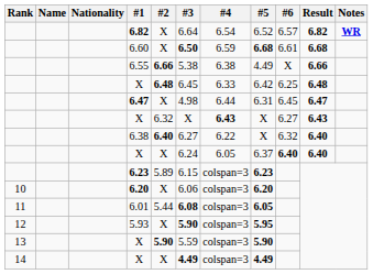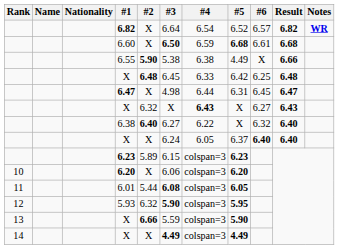 <table class="wikitable sortable" style="text-align:center">
 <tr>
 <th>Rank</th>
 <th>Name</th>
 <th>Nationality</th>
 <th>#1</th>
 <th>#2</th>
 <th>#3</th>
 <th>#4</th>
 <th>#5</th>
 <th>#6</th>
 <th>Result</th>
 <th class="unsortable">Notes</th>
 </tr>
 <tr>
 <td></td>
 <td align=left></td>
 <td align=left></td>
 <td><strong>6.82</strong></td>
 <td>X</td>
 <td>6.64</td>
 <td>6.54</td>
 <td>6.52</td>
 <td>6.57</td>
 <td><strong>6.82</strong></td>
 <td><strong><a href='#'>WR</a></strong></td>
 </tr>
 <tr>
 <td></td>
 <td align=left></td>
 <td align=left></td>
 <td>6.60</td>
 <td>X</td>
 <td><strong>6.50</strong></td>
 <td>6.59</td>
 <td><strong>6.68</strong></td>
 <td>6.61</td>
 <td><strong>6.68</strong></td>
 <td></td>
 </tr>
 <tr>
 <td></td>
 <td align=left></td>
 <td align=left></td>
 <td>6.55</td>
-<td><strong>6.66</strong></td>
+<td><strong>5.90</strong></td>
 <td>5.38</td>
 <td>6.38</td>
 <td>4.49</td>
 <td>X</td>
 <td><strong>6.66</strong></td>
 <td></td>
 </tr>
 <tr>
 <td></td>
 <td align=left></td>
 <td align=left></td>
 <td>X</td>
 <td><strong>6.48</strong></td>
 <td>6.45</td>
 <td>6.33</td>
 <td>6.42</td>
 <td>6.25</td>
 <td><strong>6.48</strong></td>
 <td></td>
 </tr>
 <tr>
 <td></td>
 <td align=left></td>
 <td align=left></td>
 <td><strong>6.47</strong></td>
 <td>X</td>
 <td>4.98</td>
 <td>6.44</td>
 <td>6.31</td>
 <td>6.45</td>
 <td><strong>6.47</strong></td>
 <td></td>
 </tr>
 <tr>
 <td></td>
 <td align=left></td>
 <td align=left></td>
 <td>X</td>
 <td>6.32</td>
 <td>X</td>
 <td><strong>6.43</strong></td>
 <td>X</td>
 <td>6.27</td>
 <td><strong>6.43</strong></td>
 <td></td>
 </tr>
 <tr>
 <td></td>
 <td align=left></td>
 <td align=left></td>
 <td>6.38</td>
 <td><strong>6.40</strong></td>
 <td>6.27</td>
 <td>6.22</td>
 <td>X</td>
 <td>6.32</td>
 <td><strong>6.40</strong></td>
 <td></td>
 </tr>
 <tr>
 <td></td>
 <td align=left></td>
 <td align=left></td>
 <td>X</td>
 <td>X</td>
 <td>6.24</td>
 <td>6.05</td>
 <td>6.37</td>
 <td><strong>6.40</strong></td>
 <td><strong>6.40</strong></td>
 <td></td>
 </tr>
 <tr>
 <td></td>
 <td align=left></td>
 <td align=left></td>
 <td><strong>6.23</strong></td>
 <td>5.89</td>
 <td>6.15</td>
 <td>colspan=3 </td>
 <td><strong>6.23</strong></td>
 <td></td>
 </tr>
 <tr>
 <td>10</td>
 <td align=left></td>
 <td align=left></td>
 <td><strong>6.20</strong></td>
 <td>X</td>
 <td>6.06</td>
 <td>colspan=3 </td>
 <td><strong>6.20</strong></td>
 <td></td>
 </tr>
 <tr>
 <td>11</td>
 <td align=left></td>
 <td align=left></td>
 <td>6.01</td>
 <td>5.44</td>
 <td><strong>6.08</strong></td>
 <td>colspan=3 </td>
 <td><strong>6.05</strong></td>
 <td></td>
 </tr>
 <tr>
 <td>12</td>
 <td align=left></td>
 <td align=left></td>
 <td>5.93</td>
-<td>X</td>
+<td>6.32</td>
 <td><strong>5.90</strong></td>
 <td>colspan=3 </td>
 <td><strong>5.95</strong></td>
 <td></td>
 </tr>
 <tr>
 <td>13</td>
 <td align=left></td>
 <td align=left></td>
 <td>X</td>
-<td><strong>5.90</strong></td>
+<td><strong>6.66</strong></td>
 <td>5.59</td>
 <td>colspan=3 </td>
 <td><strong>5.90</strong></td>
 <td></td>
 </tr>
 <tr>
 <td>14</td>
 <td align=left></td>
 <td align=left></td>
 <td>X</td>
 <td>X</td>
 <td><strong>4.49</strong></td>
 <td>colspan=3 </td>
 <td><strong>4.49</strong></td>
 <td></td>
 </tr>
 </table>
